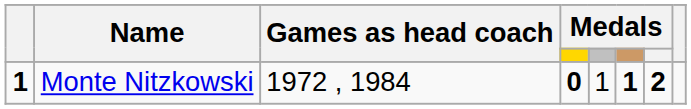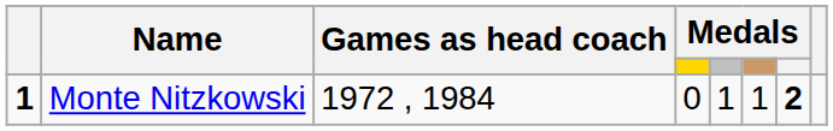 <table class="wikitable sortable" style="text-align: center; font-size: 90%; margin-left: 1em;">
 <tr>
 <th rowspan="2"></th>
 <th rowspan="2">Name</th>
 <th rowspan="2">Games as head coach</th>
 <th colspan="4">Medals</th>
 <th rowspan="2"></th>
 </tr>
 <tr>
 <th style="background-color: gold;"></th>
 <th style="background-color: silver;"></th>
 <th style="background-color: #cc9966;"></th>
 <th></th>
 </tr>
 <tr>
 <td><strong>1</strong></td>
 <td style="text-align: left;" data-sort-value="Nitzkowski, Monte"><a href='#'>Monte Nitzkowski</a></td>
 <td style="text-align: left;">1972 , 1984 </td>
-<td><strong>0</strong></td>
+<td>0</td>
 <td>1</td>
-<td><strong>1</strong></td>
+<td>1</td>
 <td><strong>2</strong></td>
 <td style="text-align: left;"></td>
 </tr>
 </table>
